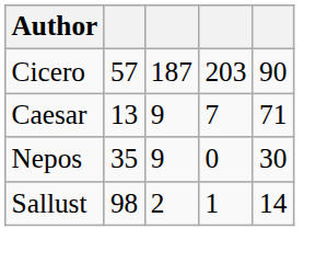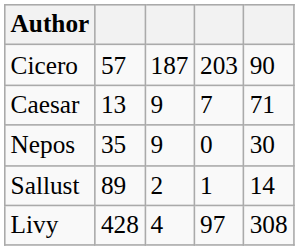 <table class="wikitable" style='text-align: center"'>
 <tr>
 <th>Author</th>
 <th></th>
 <th></th>
 <th></th>
 <th></th>
 </tr>
 <tr>
 <td>Cicero</td>
 <td>57</td>
 <td>187</td>
 <td>203</td>
 <td>90</td>
 </tr>
 <tr>
 <td>Caesar</td>
 <td>13</td>
 <td>9</td>
 <td>7</td>
 <td>71</td>
 </tr>
 <tr>
 <td>Nepos</td>
 <td>35</td>
 <td>9</td>
 <td>0</td>
 <td>30</td>
 </tr>
 <tr>
 <td>Sallust</td>
-<td>98</td>
+<td>89</td>
 <td>2</td>
 <td>1</td>
 <td>14</td>
 </tr>
+<tr>
+<td>Livy</td>
+<td>428</td>
+<td>4</td>
+<td>97</td>
+<td>308</td>
+</tr>
 </table>
